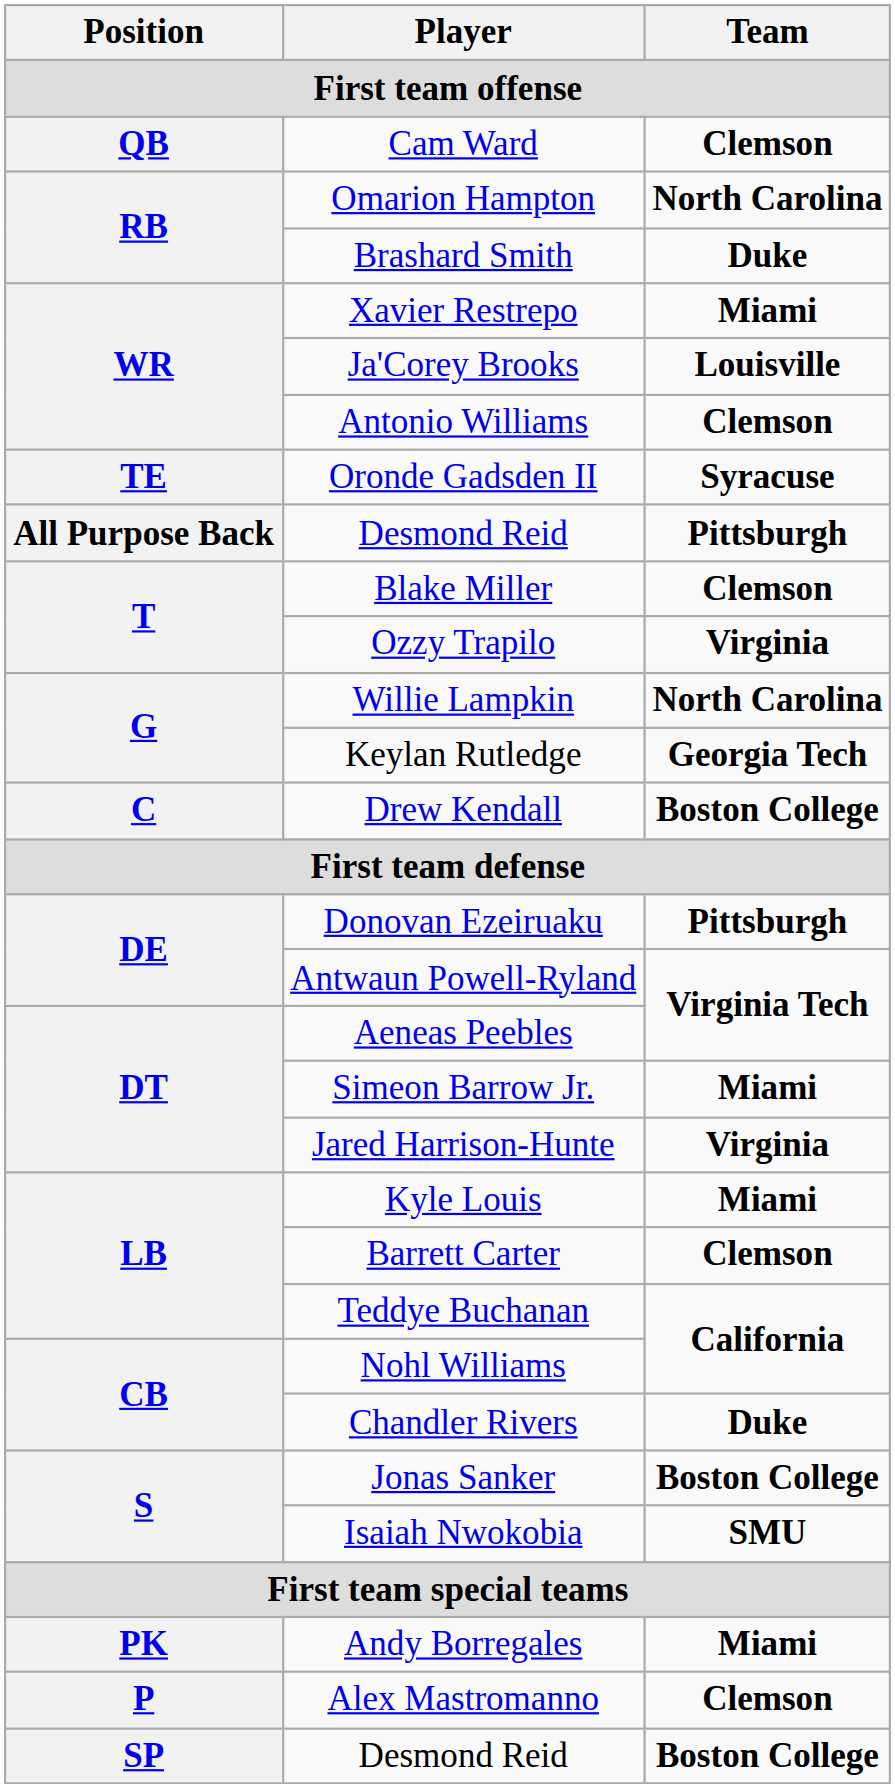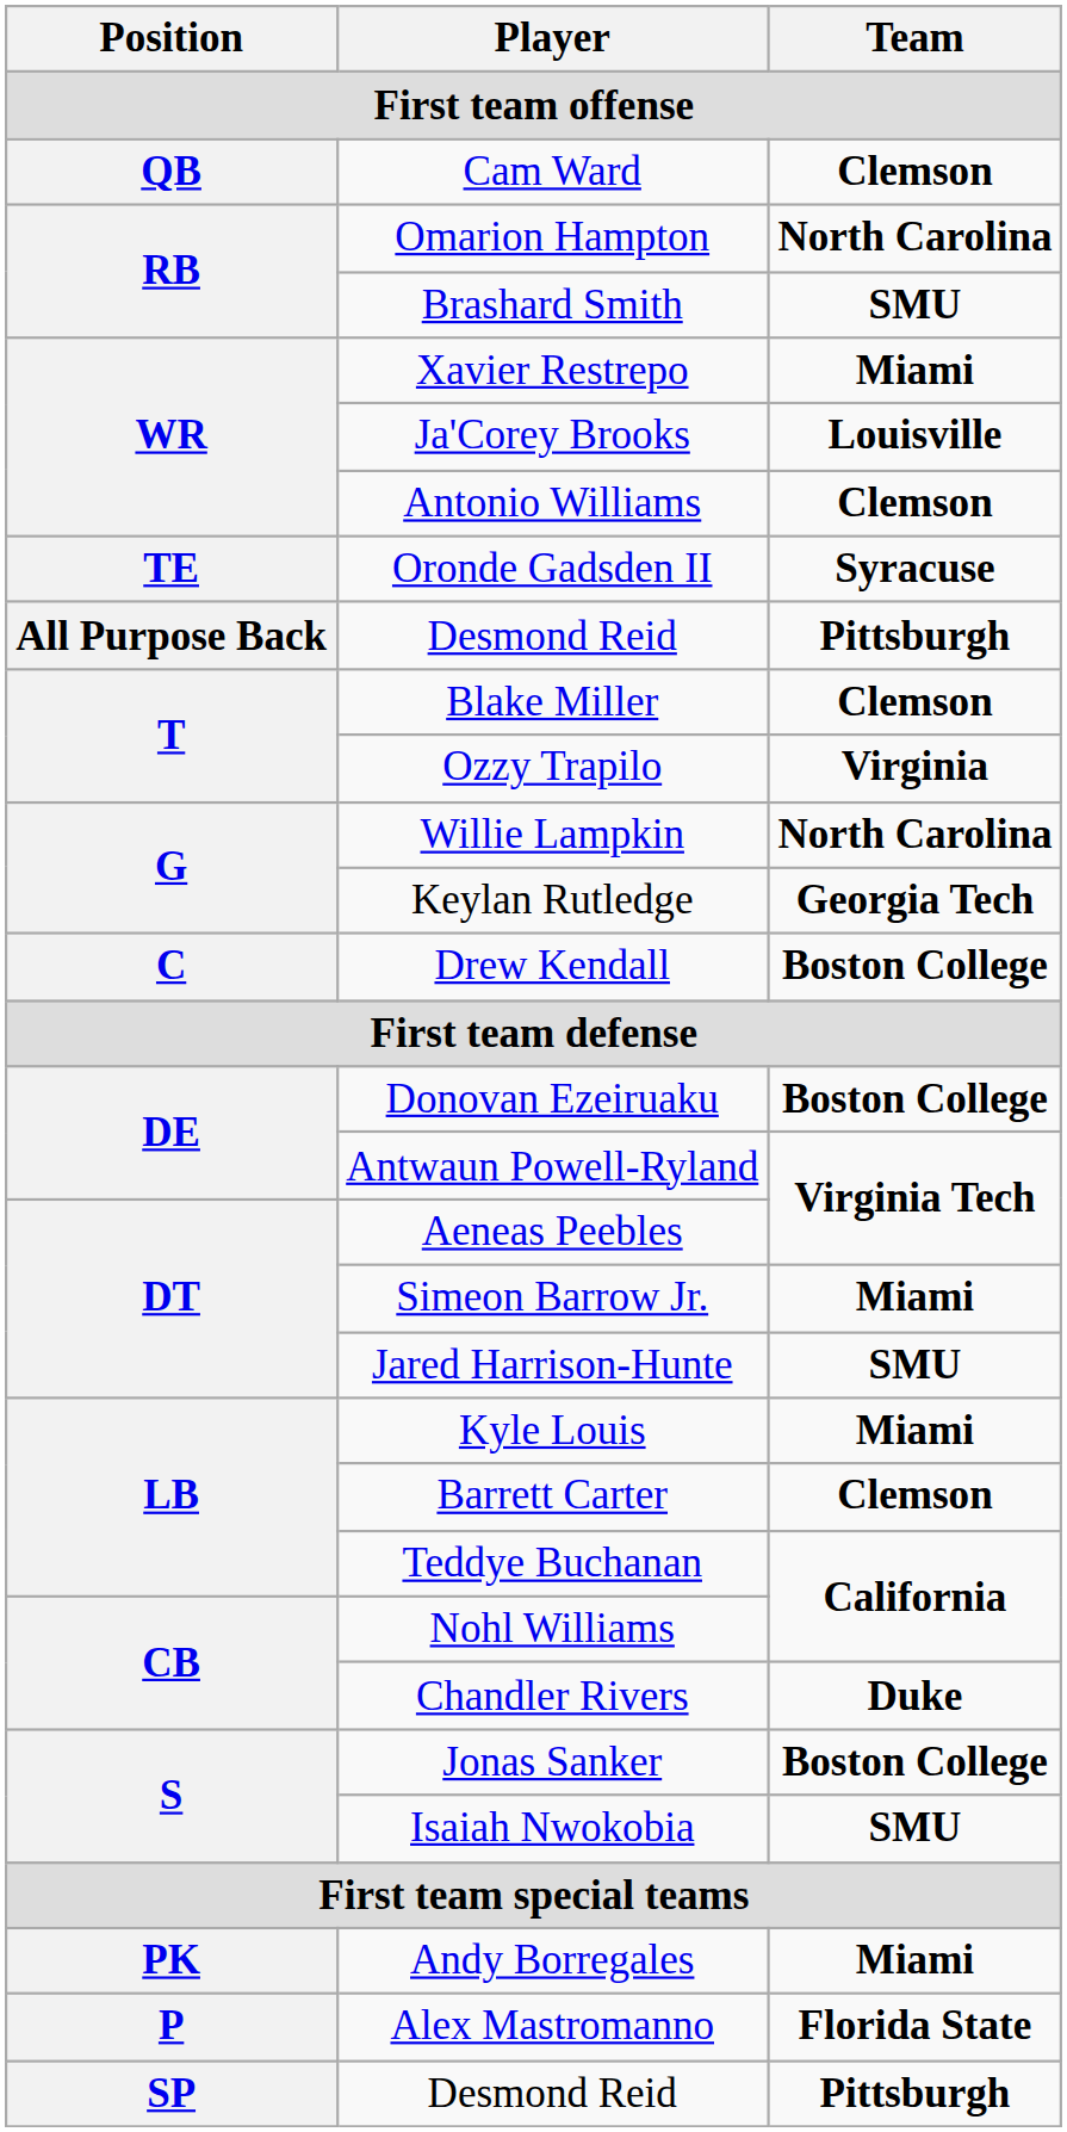 <table class="wikitable">
 <tr>
 <th>Position</th>
 <th>Player</th>
 <th>Team</th>
 </tr>
 <tr>
 <td colspan="4" style="text-align:center; background:#ddd;"><strong>First team offense</strong></td>
 </tr>
 <tr style="text-align:center;">
 <th rowspan="1"><a href='#'>QB</a></th>
 <td><a href='#'>Cam Ward</a></td>
 <td><strong>Clemson</strong></td>
 </tr>
 <tr style="text-align:center;">
 <th rowspan="2"><a href='#'>RB</a></th>
 <td><a href='#'>Omarion Hampton</a></td>
 <td><strong>North Carolina</strong></td>
 </tr>
 <tr style="text-align:center;">
 <td><a href='#'>Brashard Smith</a></td>
-<td><strong>Duke</strong></td>
+<td><strong>SMU</strong></td>
 </tr>
 <tr style="text-align:center;">
 <th rowspan="3"><a href='#'>WR</a></th>
 <td><a href='#'>Xavier Restrepo</a></td>
 <td><strong>Miami</strong></td>
 </tr>
 <tr style="text-align:center;">
 <td><a href='#'>Ja'Corey Brooks</a></td>
 <td><strong>Louisville</strong></td>
 </tr>
 <tr style="text-align:center;">
 <td><a href='#'>Antonio Williams</a></td>
 <td><strong>Clemson</strong></td>
 </tr>
 <tr style="text-align:center;">
 <th rowspan="1"><a href='#'>TE</a></th>
 <td><a href='#'>Oronde Gadsden II</a></td>
 <td><strong>Syracuse</strong></td>
 </tr>
 <tr style="text-align:center;">
 <th rowspan="1">All Purpose Back</th>
 <td><a href='#'>Desmond Reid</a></td>
 <td><strong>Pittsburgh</strong></td>
 </tr>
 <tr style="text-align:center;">
 <th rowspan="2"><a href='#'>T</a></th>
 <td><a href='#'>Blake Miller</a></td>
 <td><strong>Clemson</strong></td>
 </tr>
 <tr style="text-align:center;">
 <td><a href='#'>Ozzy Trapilo</a></td>
 <td><strong>Virginia</strong></td>
 </tr>
 <tr style="text-align:center;">
 <th rowspan="2"><a href='#'>G</a></th>
 <td><a href='#'>Willie Lampkin</a></td>
 <td><strong>North Carolina</strong></td>
 </tr>
 <tr style="text-align:center;">
 <td>Keylan Rutledge</td>
 <td><strong>Georgia Tech</strong></td>
 </tr>
 <tr style="text-align:center;">
 <th rowspan="1"><a href='#'>C</a></th>
 <td><a href='#'>Drew Kendall</a></td>
 <td><strong>Boston College</strong></td>
 </tr>
 <tr style="text-align:center;">
 <td colspan="4" style="text-align:center; background:#ddd;"><strong>First team defense</strong></td>
 </tr>
 <tr style="text-align:center;">
 <th rowspan="2"><a href='#'>DE</a></th>
 <td><a href='#'>Donovan Ezeiruaku</a></td>
-<td><strong>Pittsburgh</strong></td>
+<td><strong>Boston College</strong></td>
 </tr>
 <tr style="text-align:center;">
 <td><a href='#'>Antwaun Powell-Ryland</a></td>
 <td rowspan="2"><strong>Virginia Tech</strong></td>
 </tr>
 <tr style="text-align:center;">
 <th rowspan="3"><a href='#'>DT</a></th>
 <td><a href='#'>Aeneas Peebles</a></td>
 </tr>
 <tr style="text-align:center;">
 <td><a href='#'>Simeon Barrow Jr.</a></td>
 <td><strong>Miami</strong></td>
 </tr>
 <tr style="text-align:center;">
 <td><a href='#'>Jared Harrison-Hunte</a></td>
-<td><strong>Virginia</strong></td>
+<td><strong>SMU</strong></td>
 </tr>
 <tr style="text-align:center;">
 <th rowspan="3"><a href='#'>LB</a></th>
 <td><a href='#'>Kyle Louis</a></td>
 <td><strong>Miami</strong></td>
 </tr>
 <tr style="text-align:center;">
 <td><a href='#'>Barrett Carter</a></td>
 <td><strong>Clemson</strong></td>
 </tr>
 <tr style="text-align:center;">
 <td><a href='#'>Teddye Buchanan</a></td>
 <td rowspan="2"><strong>California</strong></td>
 </tr>
 <tr style="text-align:center;">
 <th rowspan="2"><a href='#'>CB</a></th>
 <td><a href='#'>Nohl Williams</a></td>
 </tr>
 <tr style="text-align:center;">
 <td><a href='#'>Chandler Rivers</a></td>
 <td><strong>Duke</strong></td>
 </tr>
 <tr style="text-align:center;">
 <th rowspan="2"><a href='#'>S</a></th>
 <td><a href='#'>Jonas Sanker</a></td>
 <td><strong>Boston College</strong></td>
 </tr>
 <tr style="text-align:center;">
 <td><a href='#'>Isaiah Nwokobia</a></td>
 <td><strong>SMU</strong></td>
 </tr>
 <tr>
 <td colspan="4" style="text-align:center; background:#ddd;"><strong>First team special teams</strong></td>
 </tr>
 <tr style="text-align:center;">
 <th rowspan="1"><a href='#'>PK</a></th>
 <td><a href='#'>Andy Borregales</a></td>
 <td><strong>Miami</strong></td>
 </tr>
 <tr style="text-align:center;">
 <th rowspan="1"><a href='#'>P</a></th>
 <td><a href='#'>Alex Mastromanno</a></td>
-<td><strong>Clemson</strong></td>
+<td><strong>Florida State</strong></td>
 </tr>
 <tr style="text-align:center;">
 <th rowspan="1"><a href='#'>SP</a></th>
 <td>Desmond Reid</td>
-<td><strong>Boston College</strong></td>
+<td><strong>Pittsburgh</strong></td>
 </tr>
 </table>
